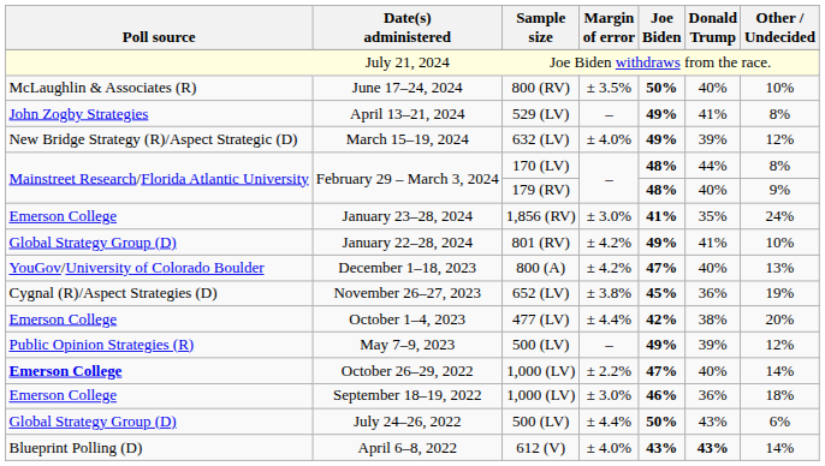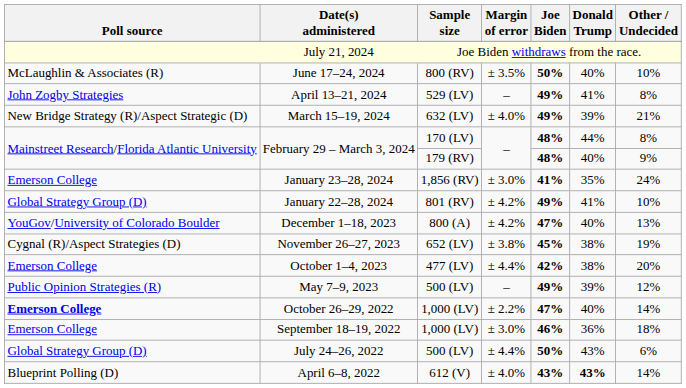 <table class="wikitable sortable mw-datatable" style="font-size:90%;text-align:center;line-height:17px">
 <tr valign=bottom>
 <th>Poll source</th>
 <th>Date(s)<br>administered</th>
 <th>Sample<br>size</th>
 <th>Margin<br>of error</th>
 <th class="unsortable">Joe<br>Biden<br></th>
 <th class="unsortable">Donald<br>Trump<br></th>
 <th class="unsortable">Other /<br>Undecided</th>
 </tr>
 <tr>
 </tr>
 <tr style="background:lightyellow;">
 <td style="border-right-style:hidden;"></td>
 <td style="border-right-style:hidden; " data-sort-value="2024-07-21">July 21, 2024</td>
 <td colspan="5">Joe Biden <a href='#'>withdraws</a> from the race.</td>
 </tr>
 <tr>
 <td style="text-align:left;">McLaughlin & Associates (R)</td>
 <td data-sort-value="2024-07-08">June 17–24, 2024</td>
 <td>800 (RV)</td>
 <td>± 3.5%</td>
 <td style="color:black;background-color:"><strong>50%</strong></td>
 <td>40%</td>
 <td>10%</td>
 </tr>
 <tr>
 <td style="text-align:left;"><a href='#'>John Zogby Strategies</a></td>
 <td data-sort-value="2024-05-01">April 13–21, 2024</td>
 <td>529 (LV)</td>
 <td>–</td>
 <td style="color:black;background-color:"><strong>49%</strong></td>
 <td>41%</td>
 <td>8%</td>
 </tr>
 <tr>
 <td style="text-align:left;">New Bridge Strategy (R)/Aspect Strategic (D)</td>
 <td data-sort-value="2024-04-03">March 15–19, 2024</td>
 <td>632 (LV)</td>
 <td>± 4.0%</td>
 <td style="color:black;background-color:"><strong>49%</strong></td>
 <td>39%</td>
-<td>12%</td>
+<td>21%</td>
 </tr>
 <tr>
 <td rowspan=2 style="text-align:left;"><a href='#'>Mainstreet Research</a>/<a href='#'>Florida Atlantic University</a></td>
 <td rowspan=2 data-sort-value="2024-03-04">February 29 – March 3, 2024</td>
 <td>170 (LV)</td>
 <td rowspan=2>–</td>
 <td style="color:black;background-color:"><strong>48%</strong></td>
 <td>44%</td>
 <td>8%</td>
 </tr>
 <tr>
 <td>179 (RV)</td>
 <td style="color:black;background-color:"><strong>48%</strong></td>
 <td>40%</td>
 <td>9%</td>
 </tr>
 <tr>
 <td style="text-align:left;"><a href='#'>Emerson College</a></td>
 <td data-sort-value="2024-01-29">January 23–28, 2024</td>
 <td>1,856 (RV)</td>
 <td>± 3.0%</td>
 <td style="color:black;background-color:"><strong>41%</strong></td>
 <td>35%</td>
 <td>24%</td>
 </tr>
 <tr>
 <td style="text-align:left;"><a href='#'>Global Strategy Group (D)</a></td>
 <td data-sort-value="2024-02-28">January 22–28, 2024</td>
 <td>801 (RV)</td>
 <td>± 4.2%</td>
 <td style="color:black;background-color:"><strong>49%</strong></td>
 <td>41%</td>
 <td>10%</td>
 </tr>
 <tr>
 <td style="text-align:left;"><a href='#'>YouGov</a>/<a href='#'>University of Colorado Boulder</a></td>
 <td data-sort-value="2024-01-29">December 1–18, 2023</td>
 <td>800 (A)</td>
 <td>± 4.2%</td>
 <td style="color:black;background-color:"><strong>47%</strong></td>
 <td>40%</td>
 <td>13%</td>
 </tr>
 <tr>
 <td style="text-align:left;">Cygnal (R)/Aspect Strategies (D)</td>
 <td data-sort-value="2023-11-28">November 26–27, 2023</td>
 <td>652 (LV)</td>
 <td>± 3.8%</td>
 <td style="color:black;background-color:"><strong>45%</strong></td>
-<td>36%</td>
+<td>38%</td>
 <td>19%</td>
 </tr>
 <tr>
 <td style="text-align:left;"><a href='#'>Emerson College</a></td>
 <td data-sort-value="2023-10-16">October 1–4, 2023</td>
 <td>477 (LV)</td>
 <td>± 4.4%</td>
 <td style="color:black;background-color:"><strong>42%</strong></td>
 <td>38%</td>
 <td>20%</td>
 </tr>
 <tr>
 <td style="text-align:left;"><a href='#'>Public Opinion Strategies (R)</a></td>
 <td data-sort-value="2023-05-09">May 7–9, 2023</td>
 <td>500 (LV)</td>
 <td>–</td>
 <td style="color:black;background-color:"><strong>49%</strong></td>
 <td>39%</td>
 <td>12%</td>
 </tr>
 <tr>
 <td style="text-align:left;"><strong><a href='#'>Emerson College</a></strong></td>
 <td data-sort-value="2022-10-29">October 26–29, 2022</td>
 <td>1,000 (LV)</td>
 <td>± 2.2%</td>
 <td style="color:black;background-color:"><strong>47%</strong></td>
 <td>40%</td>
 <td>14%</td>
 </tr>
 <tr>
 <td style="text-align:left;"><a href='#'>Emerson College</a></td>
 <td data-sort-value="2022-09-19">September 18–19, 2022</td>
 <td>1,000 (LV)</td>
 <td>± 3.0%</td>
 <td style="color:black;background-color:"><strong>46%</strong></td>
 <td>36%</td>
 <td>18%</td>
 </tr>
 <tr>
 <td style="text-align:left;"><a href='#'>Global Strategy Group (D)</a></td>
 <td data-sort-value="2022-07-26">July 24–26, 2022</td>
 <td>500 (LV)</td>
 <td>± 4.4%</td>
 <td style="color:black;background-color:"><strong>50%</strong></td>
 <td>43%</td>
 <td>6%</td>
 </tr>
 <tr>
 <td style="text-align:left;">Blueprint Polling (D)</td>
 <td data-sort-value="2022-04-08">April 6–8, 2022</td>
 <td>612 (V)</td>
 <td>± 4.0%</td>
 <td><strong>43%</strong></td>
 <td><strong>43%</strong></td>
 <td>14%</td>
 </tr>
 </table>
